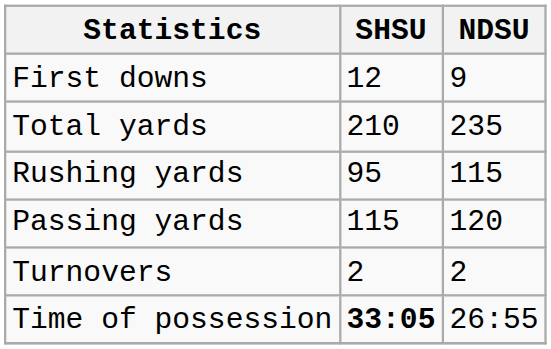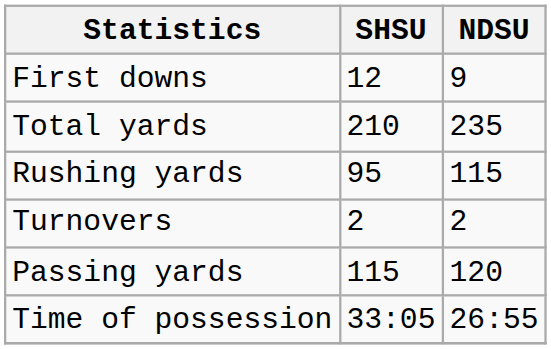 <table class="wikitable" style="float: left;">
 <tr>
 <th>Statistics</th>
 <th>SHSU</th>
 <th>NDSU</th>
 </tr>
 <tr>
 <td>First downs</td>
 <td>12</td>
 <td>9</td>
 </tr>
 <tr>
 <td>Total yards</td>
 <td>210</td>
 <td>235</td>
 </tr>
 <tr>
 <td>Rushing yards</td>
 <td>95</td>
 <td>115</td>
 </tr>
 <tr>
+<td>Turnovers</td>
+<td>2</td>
+<td>2</td>
+</tr>
+<tr>
 <td>Passing yards</td>
 <td>115</td>
 <td>120</td>
 </tr>
 <tr>
-<td>Turnovers</td>
-<td>2</td>
-<td>2</td>
-</tr>
-<tr>
 <td>Time of possession</td>
-<td><strong>33:05</strong></td>
+<td>33:05</td>
 <td>26:55</td>
 </tr>
 <tr>
 </tr>
 </table>
